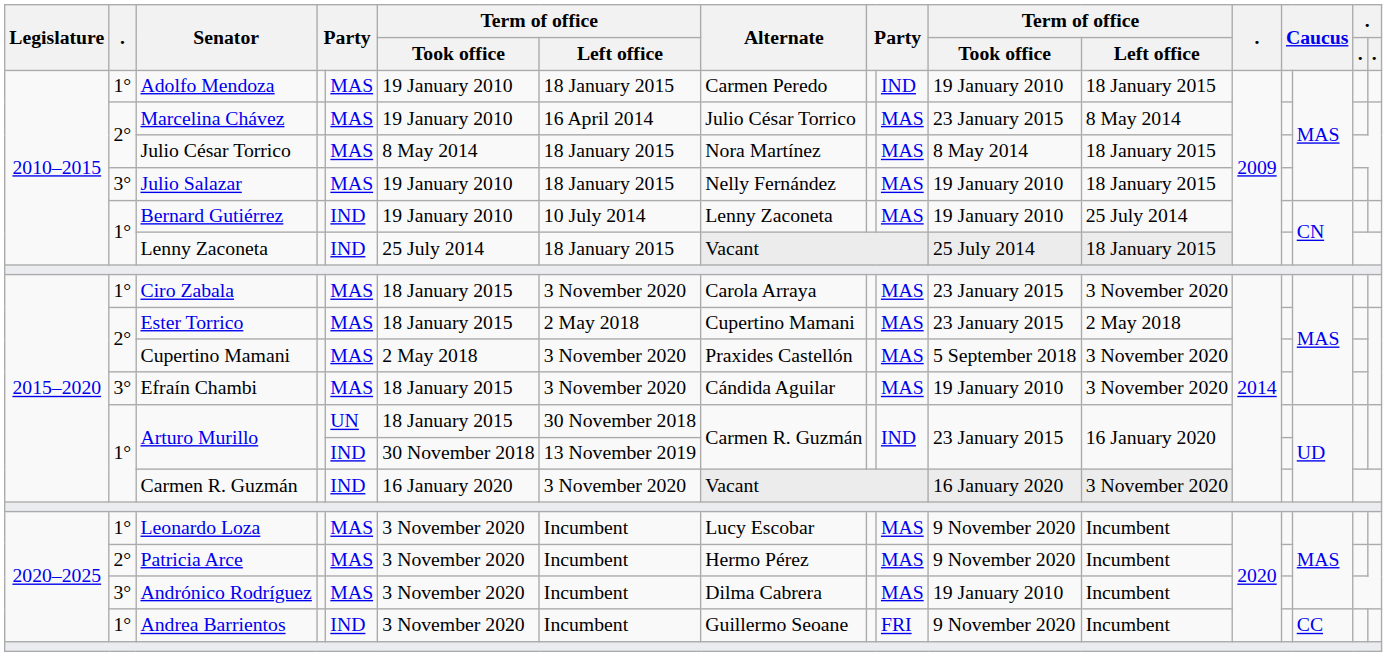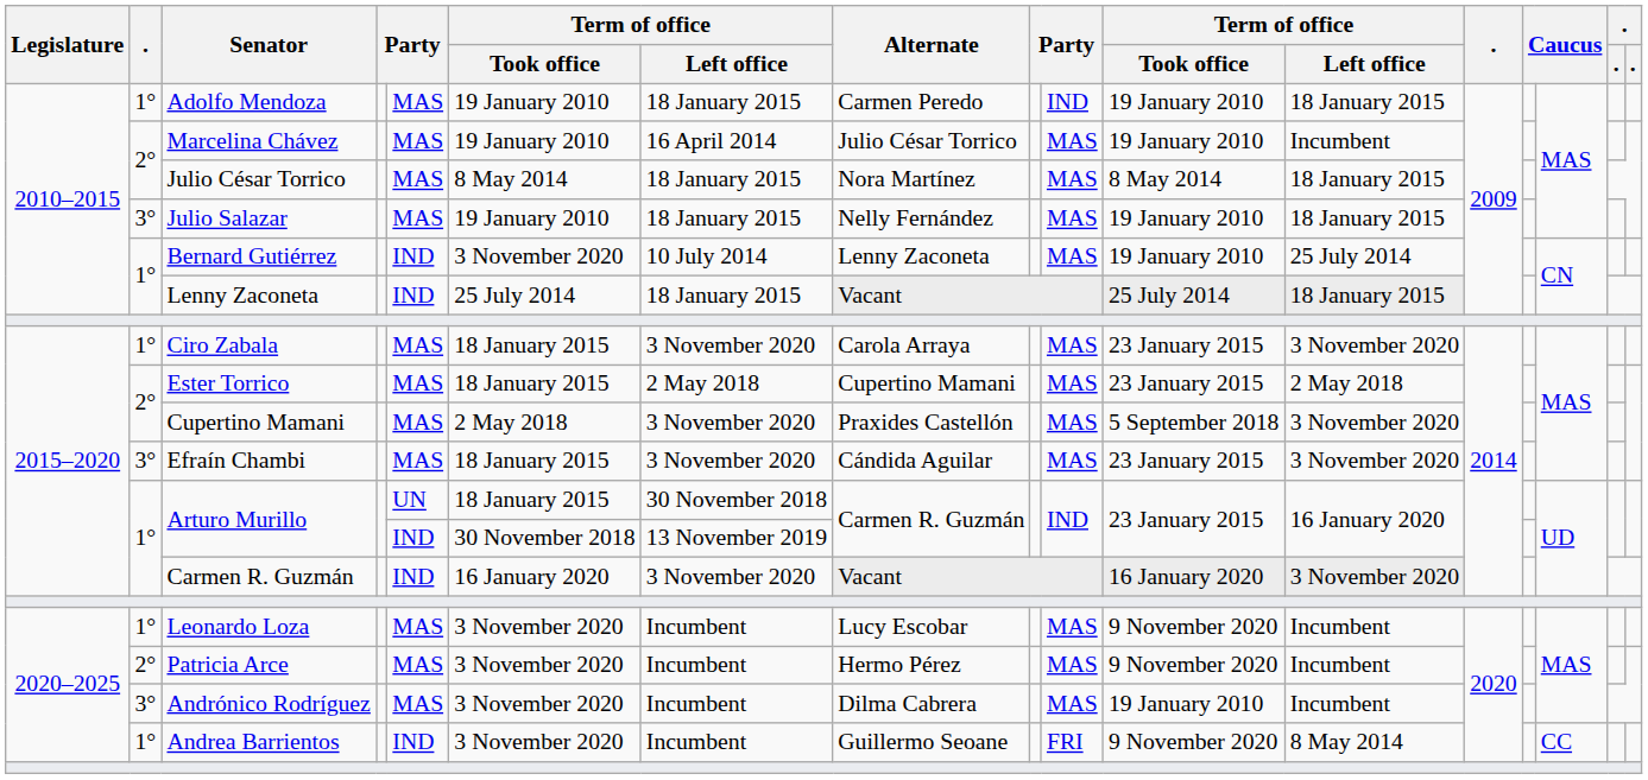 <table class="wikitable" style="font-size: 90%;">
 <tr>
 <th rowspan=2>Legislature</th>
 <th rowspan=2>.</th>
 <th rowspan=2>Senator</th>
 <th rowspan=2 colspan=2>Party</th>
 <th colspan=2>Term of office</th>
 <th rowspan=2>Alternate</th>
 <th rowspan=2 colspan=2>Party</th>
 <th colspan=2>Term of office</th>
 <th rowspan=2>.</th>
 <th rowspan=2 colspan=2><a href='#'>Caucus</a></th>
 <th colspan=2>.</th>
 </tr>
 <tr>
 <th>Took office</th>
 <th>Left office</th>
 <th>Took office</th>
 <th>Left office</th>
 <th>.</th>
 <th>.</th>
 </tr>
 <tr>
 <td style="text-align:center;" rowspan=6><a href='#'>2010–2015</a><br></td>
 <td>1°</td>
 <td><a href='#'>Adolfo Mendoza</a></td>
 <td style="background-color:"></td>
 <td><a href='#'>MAS</a></td>
 <td>19 January 2010</td>
 <td>18 January 2015</td>
 <td>Carmen Peredo</td>
 <td style="background-color:"></td>
 <td><a href='#'>IND</a></td>
 <td>19 January 2010</td>
 <td>18 January 2015</td>
 <td rowspan=6><a href='#'>2009</a></td>
 <td style="background-color:"></td>
 <td rowspan=4><a href='#'>MAS</a></td>
 <td></td>
 <td></td>
 </tr>
 <tr>
 <td rowspan=2>2°</td>
 <td><a href='#'>Marcelina Chávez</a></td>
 <td style="background-color:"></td>
 <td><a href='#'>MAS</a></td>
 <td>19 January 2010</td>
 <td>16 April 2014</td>
 <td>Julio César Torrico</td>
 <td style="background-color:"></td>
 <td><a href='#'>MAS</a></td>
-<td>23 January 2015</td>
-<td>8 May 2014</td>
+<td>19 January 2010</td>
+<td>Incumbent</td>
 <td></td>
 <td></td>
 </tr>
 <tr>
 <td>Julio César Torrico</td>
 <td style="background-color:"></td>
 <td><a href='#'>MAS</a></td>
 <td>8 May 2014</td>
 <td>18 January 2015</td>
 <td>Nora Martínez</td>
 <td style="background-color:"></td>
 <td><a href='#'>MAS</a></td>
 <td>8 May 2014</td>
 <td>18 January 2015</td>
 <td colspan=2></td>
 </tr>
 <tr>
 <td>3°</td>
 <td><a href='#'>Julio Salazar</a></td>
 <td style="background-color:"></td>
 <td><a href='#'>MAS</a></td>
 <td>19 January 2010</td>
 <td>18 January 2015</td>
 <td>Nelly Fernández</td>
 <td style="background-color:"></td>
 <td><a href='#'>MAS</a></td>
 <td>19 January 2010</td>
 <td>18 January 2015</td>
 <td></td>
 <td></td>
 </tr>
 <tr>
 <td rowspan=2>1°</td>
 <td><a href='#'>Bernard Gutiérrez</a></td>
 <td style="background-color:"></td>
 <td><a href='#'>IND</a></td>
-<td>19 January 2010</td>
+<td>3 November 2020</td>
 <td>10 July 2014</td>
 <td>Lenny Zaconeta</td>
 <td style="background-color:"></td>
 <td><a href='#'>MAS</a></td>
 <td>19 January 2010</td>
 <td>25 July 2014</td>
 <td style="background-color:"></td>
 <td rowspan=2><a href='#'>CN</a></td>
 <td></td>
 <td></td>
 </tr>
 <tr>
 <td>Lenny Zaconeta</td>
 <td style="background-color:"></td>
 <td><a href='#'>IND</a></td>
 <td>25 July 2014</td>
 <td>18 January 2015</td>
 <td bgcolor="#ECECEC" colspan=3>Vacant</td>
 <td bgcolor="#ECECEC">25 July 2014</td>
 <td bgcolor="#ECECEC">18 January 2015</td>
 <td colspan=2></td>
 </tr>
 <tr>
 <td colspan=17 bgcolor="#EAECF0"></td>
 </tr>
 <tr>
 <td style="text-align:center;" rowspan=7><a href='#'>2015–2020</a><br></td>
 <td>1°</td>
 <td><a href='#'>Ciro Zabala</a></td>
 <td style="background-color:"></td>
 <td><a href='#'>MAS</a></td>
 <td>18 January 2015</td>
 <td>3 November 2020</td>
 <td>Carola Arraya</td>
 <td style="background-color:"></td>
 <td><a href='#'>MAS</a></td>
 <td>23 January 2015</td>
 <td>3 November 2020</td>
 <td rowspan=7><a href='#'>2014</a></td>
 <td style="background-color:"></td>
 <td rowspan=4><a href='#'>MAS</a></td>
 <td></td>
 <td></td>
 </tr>
 <tr>
 <td rowspan=2>2°</td>
 <td><a href='#'>Ester Torrico</a></td>
 <td style="background-color:"></td>
 <td><a href='#'>MAS</a></td>
 <td>18 January 2015</td>
 <td>2 May 2018</td>
 <td>Cupertino Mamani</td>
 <td style="background-color:"></td>
 <td><a href='#'>MAS</a></td>
 <td>23 January 2015</td>
 <td>2 May 2018</td>
 <td></td>
 <td></td>
 </tr>
 <tr>
 <td>Cupertino Mamani</td>
 <td style="background-color:"></td>
 <td><a href='#'>MAS</a></td>
 <td>2 May 2018</td>
 <td>3 November 2020</td>
 <td>Praxides Castellón</td>
 <td style="background-color:"></td>
 <td><a href='#'>MAS</a></td>
 <td>5 September 2018</td>
 <td>3 November 2020</td>
 <td></td>
 <td></td>
 </tr>
 <tr>
 <td>3°</td>
 <td>Efraín Chambi</td>
 <td style="background-color:"></td>
 <td><a href='#'>MAS</a></td>
 <td>18 January 2015</td>
 <td>3 November 2020</td>
 <td>Cándida Aguilar</td>
 <td style="background-color:"></td>
 <td><a href='#'>MAS</a></td>
-<td>19 January 2010</td>
+<td>23 January 2015</td>
 <td>3 November 2020</td>
 <td></td>
 <td></td>
 </tr>
 <tr>
 <td rowspan=3>1°</td>
 <td rowspan=2><a href='#'>Arturo Murillo</a></td>
 <td rowspan=2 style="background-color:"></td>
 <td><a href='#'>UN</a></td>
 <td>18 January 2015</td>
 <td>30 November 2018</td>
 <td rowspan=2>Carmen R. Guzmán</td>
 <td rowspan=2 style="background-color:"></td>
 <td rowspan=2><a href='#'>IND</a></td>
 <td rowspan=2>23 January 2015</td>
 <td rowspan=2>16 January 2020</td>
 <td style="background-color:"></td>
 <td rowspan=3><a href='#'>UD</a></td>
 <td rowspan=2></td>
 <td rowspan=2></td>
 </tr>
 <tr>
 <td><a href='#'>IND</a></td>
 <td>30 November 2018</td>
 <td>13 November 2019</td>
 </tr>
 <tr>
 <td>Carmen R. Guzmán</td>
 <td style="background-color:"></td>
 <td><a href='#'>IND</a></td>
 <td>16 January 2020</td>
 <td>3 November 2020</td>
 <td bgcolor="#ECECEC" colspan=3>Vacant</td>
 <td bgcolor="#ECECEC">16 January 2020</td>
 <td bgcolor="#ECECEC">3 November 2020</td>
 <td colspan=2></td>
 </tr>
 <tr>
 <td colspan=17 bgcolor="#EAECF0"></td>
 </tr>
 <tr>
 <td style="text-align:center;" rowspan=4><a href='#'>2020–2025</a><br></td>
 <td>1°</td>
 <td><a href='#'>Leonardo Loza</a></td>
 <td style="background-color:"></td>
 <td><a href='#'>MAS</a></td>
 <td>3 November 2020</td>
 <td>Incumbent</td>
 <td>Lucy Escobar</td>
 <td style="background-color:"></td>
 <td><a href='#'>MAS</a></td>
 <td>9 November 2020</td>
 <td>Incumbent</td>
 <td rowspan=4><a href='#'>2020</a></td>
 <td style="background-color:"></td>
 <td rowspan=3><a href='#'>MAS</a></td>
 <td></td>
 <td></td>
 </tr>
 <tr>
 <td>2°</td>
 <td><a href='#'>Patricia Arce</a></td>
 <td style="background-color:"></td>
 <td><a href='#'>MAS</a></td>
 <td>3 November 2020</td>
 <td>Incumbent</td>
 <td>Hermo Pérez</td>
 <td style="background-color:"></td>
 <td><a href='#'>MAS</a></td>
 <td>9 November 2020</td>
 <td>Incumbent</td>
 <td></td>
 <td></td>
 </tr>
 <tr>
 <td>3°</td>
 <td><a href='#'>Andrónico Rodríguez</a></td>
 <td style="background-color:"></td>
 <td><a href='#'>MAS</a></td>
 <td>3 November 2020</td>
 <td>Incumbent</td>
 <td>Dilma Cabrera</td>
 <td style="background-color:"></td>
 <td><a href='#'>MAS</a></td>
 <td>19 January 2010</td>
 <td>Incumbent</td>
 <td colspan=2></td>
 </tr>
 <tr>
 <td>1°</td>
 <td><a href='#'>Andrea Barrientos</a></td>
 <td style="background-color:"></td>
 <td><a href='#'>IND</a></td>
 <td>3 November 2020</td>
 <td>Incumbent</td>
 <td>Guillermo Seoane</td>
 <td style="background-color:"></td>
 <td><a href='#'>FRI</a></td>
 <td>9 November 2020</td>
-<td>Incumbent</td>
+<td>8 May 2014</td>
 <td style="background-color:"></td>
 <td><a href='#'>CC</a></td>
 <td></td>
 <td></td>
 </tr>
 <tr>
 <td colspan=17 bgcolor="#EAECF0"></td>
 </tr>
 </table>
